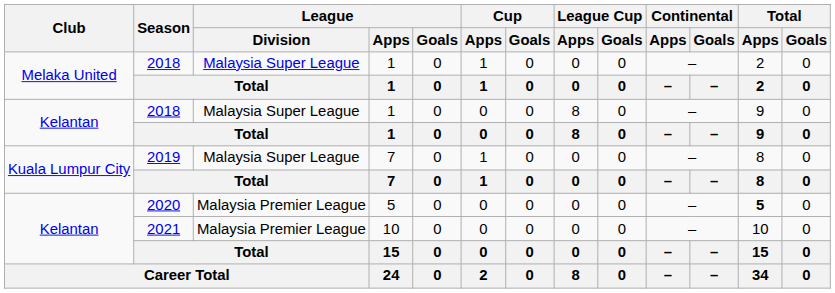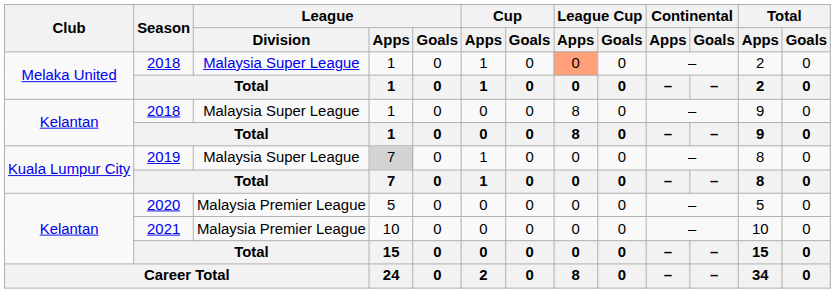 <table class=wikitable style="text-align:center">
 <tr>
 <th rowspan=2>Club</th>
 <th rowspan=2>Season</th>
 <th colspan=3>League</th>
 <th colspan=2>Cup</th>
 <th colspan=2>League Cup</th>
 <th colspan=2>Continental</th>
 <th colspan=2>Total</th>
 </tr>
 <tr>
 <th>Division</th>
 <th>Apps</th>
 <th>Goals</th>
 <th>Apps</th>
 <th>Goals</th>
 <th>Apps</th>
 <th>Goals</th>
 <th>Apps</th>
 <th>Goals</th>
 <th>Apps</th>
 <th>Goals</th>
 </tr>
 <tr>
 <td rowspan="2"><a href='#'>Melaka United</a></td>
 <td><a href='#'>2018</a></td>
 <td><a href='#'>Malaysia Super League</a></td>
 <td>1</td>
 <td>0</td>
 <td>1</td>
 <td>0</td>
-<td>0</td>
+<td style="background: lightsalmon;">0</td>
 <td>0</td>
 <td colspan=2>–</td>
 <td>2</td>
 <td>0</td>
 </tr>
 <tr>
 <th colspan="2">Total</th>
 <th>1</th>
 <th>0</th>
 <th>1</th>
 <th>0</th>
 <th>0</th>
 <th>0</th>
 <th>–</th>
 <th>–</th>
 <th>2</th>
 <th>0</th>
 </tr>
 <tr>
 <td rowspan="2"><a href='#'>Kelantan</a></td>
 <td><a href='#'>2018</a></td>
 <td>Malaysia Super League</td>
 <td>1</td>
 <td>0</td>
 <td>0</td>
 <td>0</td>
 <td>8</td>
 <td>0</td>
 <td colspan=2>–</td>
 <td>9</td>
 <td>0</td>
 </tr>
 <tr>
 <th colspan="2">Total</th>
 <th>1</th>
 <th>0</th>
 <th>0</th>
 <th>0</th>
 <th>8</th>
 <th>0</th>
 <th>–</th>
 <th>–</th>
 <th>9</th>
 <th>0</th>
 </tr>
 <tr>
 <td rowspan="2"><a href='#'>Kuala Lumpur City</a></td>
 <td><a href='#'>2019</a></td>
 <td>Malaysia Super League</td>
-<td>7</td>
+<td style="background: lightgrey;">7</td>
 <td>0</td>
 <td>1</td>
 <td>0</td>
 <td>0</td>
 <td>0</td>
 <td colspan=2>–</td>
 <td>8</td>
 <td>0</td>
 </tr>
 <tr>
 <th colspan="2">Total</th>
 <th>7</th>
 <th>0</th>
 <th>1</th>
 <th>0</th>
 <th>0</th>
 <th>0</th>
 <th>–</th>
 <th>–</th>
 <th>8</th>
 <th>0</th>
 </tr>
 <tr>
 <td rowspan="3"><a href='#'>Kelantan</a></td>
 <td><a href='#'>2020</a></td>
 <td>Malaysia Premier League</td>
 <td>5</td>
 <td>0</td>
 <td>0</td>
 <td>0</td>
 <td>0</td>
 <td>0</td>
 <td colspan=2>–</td>
-<td><strong>5</strong></td>
+<td>5</td>
 <td>0</td>
 </tr>
 <tr>
 <td><a href='#'>2021</a></td>
 <td>Malaysia Premier League</td>
 <td>10</td>
 <td>0</td>
 <td>0</td>
 <td>0</td>
 <td>0</td>
 <td>0</td>
 <td colspan=2>–</td>
 <td>10</td>
 <td>0</td>
 </tr>
 <tr>
 <th colspan="2">Total</th>
 <th>15</th>
 <th>0</th>
 <th>0</th>
 <th>0</th>
 <th>0</th>
 <th>0</th>
 <th>–</th>
 <th>–</th>
 <th>15</th>
 <th>0</th>
 </tr>
 <tr>
 <th colspan="3">Career Total</th>
 <th>24</th>
 <th>0</th>
 <th>2</th>
 <th>0</th>
 <th>8</th>
 <th>0</th>
 <th>–</th>
 <th>–</th>
 <th>34</th>
 <th>0</th>
 </tr>
 </table>
